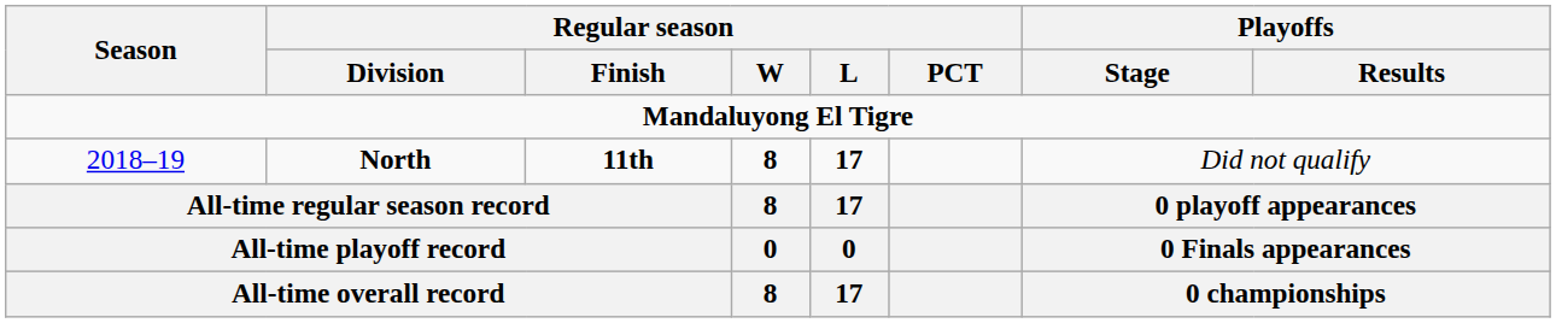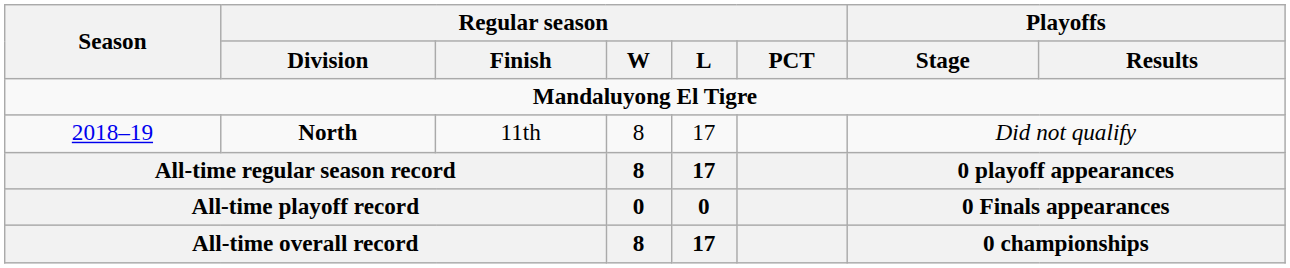 <table class=wikitable style="width:100%; text-align:center">
 <tr>
 <th rowspan=2>Season</th>
 <th colspan=5>Regular season</th>
 <th colspan=2>Playoffs</th>
 </tr>
 <tr>
 <th>Division</th>
 <th>Finish</th>
 <th>W</th>
 <th>L</th>
 <th>PCT</th>
 <th>Stage</th>
 <th>Results</th>
 </tr>
 <tr>
 <td colspan=10><span><strong>Mandaluyong El Tigre</strong></span></td>
 </tr>
 <tr>
 <td><a href='#'>2018–19</a> <br> <em></em></td>
 <td><strong>North</strong></td>
-<td><strong>11th</strong></td>
-<td><strong>8</strong></td>
-<td><strong>17</strong></td>
+<td>11th</td>
+<td>8</td>
+<td>17</td>
 <td></td>
 <td colspan="2"><em>Did not qualify</em></td>
 </tr>
 <tr>
 <th colspan=3>All-time regular season record</th>
 <th>8</th>
 <th>17</th>
 <th></th>
 <th colspan=2>0 playoff appearances</th>
 </tr>
 <tr>
 <th colspan=3>All-time playoff record</th>
 <th>0</th>
 <th>0</th>
 <th></th>
 <th colspan=2>0 Finals appearances</th>
 </tr>
 <tr>
 <th colspan=3>All-time overall record</th>
 <th>8</th>
 <th>17</th>
 <th></th>
 <th colspan=2>0 championships</th>
 </tr>
 </table>
